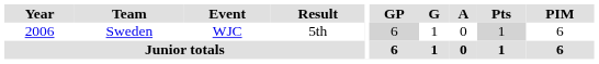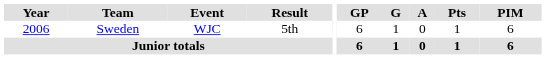 <table border="0" cellpadding="1" cellspacing="0" ID="Table3" style="text-align:center; width:40em">
 <tr ALIGN="center" bgcolor="#e0e0e0">
 <th>Year</th>
 <th>Team</th>
 <th>Event</th>
 <th>Result</th>
 <th rowspan="99" bgcolor="#ffffff"></th>
 <th>GP</th>
 <th>G</th>
 <th>A</th>
 <th>Pts</th>
 <th>PIM</th>
 </tr>
 <tr>
 <td><a href='#'>2006</a></td>
 <td><a href='#'>Sweden</a></td>
 <td><a href='#'>WJC</a></td>
 <td>5th</td>
-<td style="background: lightgrey;">6</td>
+<td>6</td>
 <td>1</td>
 <td>0</td>
-<td style="background: lightgrey;">1</td>
+<td>1</td>
 <td>6</td>
 </tr>
 <tr bgcolor="#e0e0e0">
 <th colspan="4">Junior totals</th>
 <th>6</th>
 <th>1</th>
 <th>0</th>
 <th>1</th>
 <th>6</th>
 </tr>
 </table>
